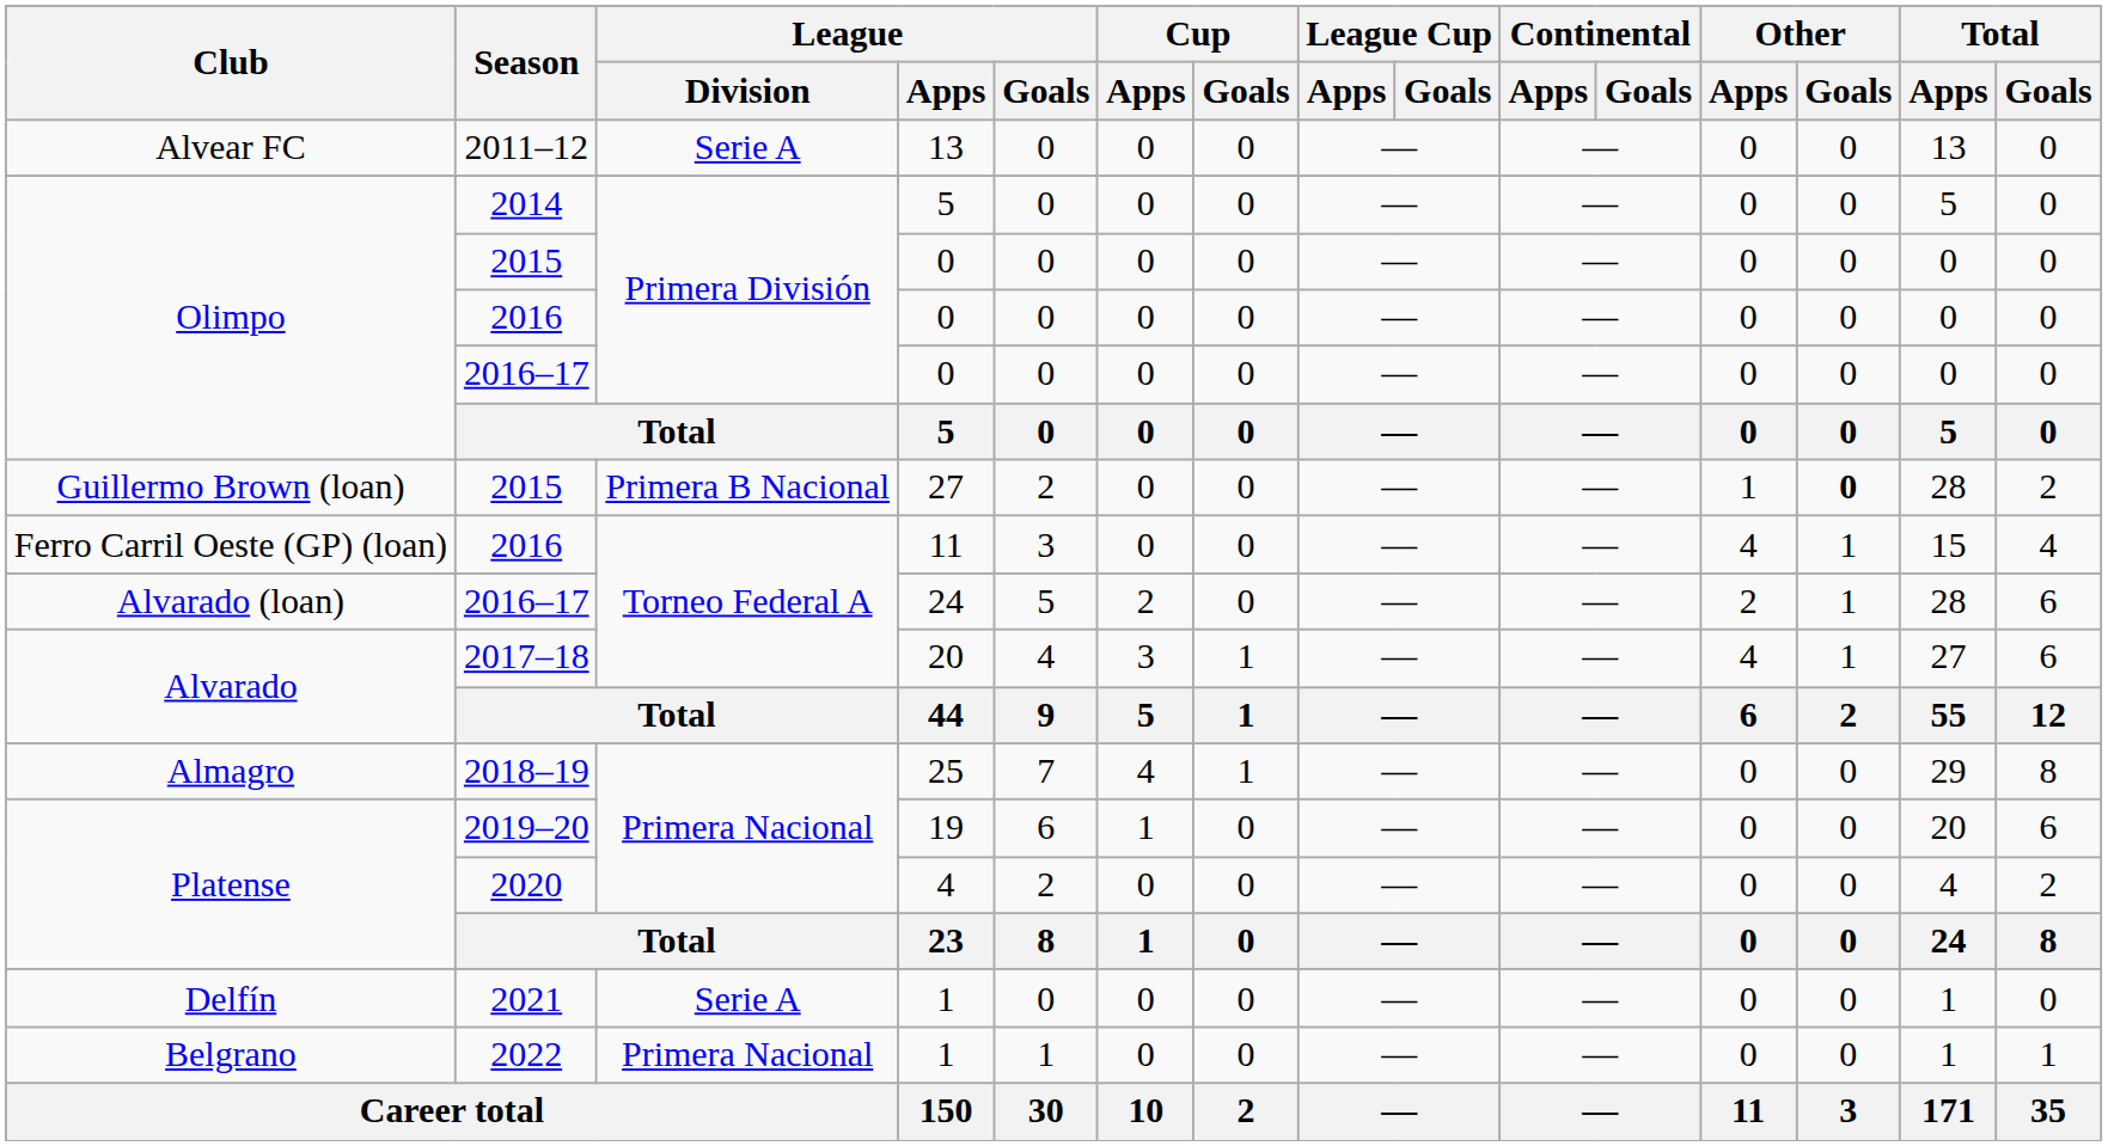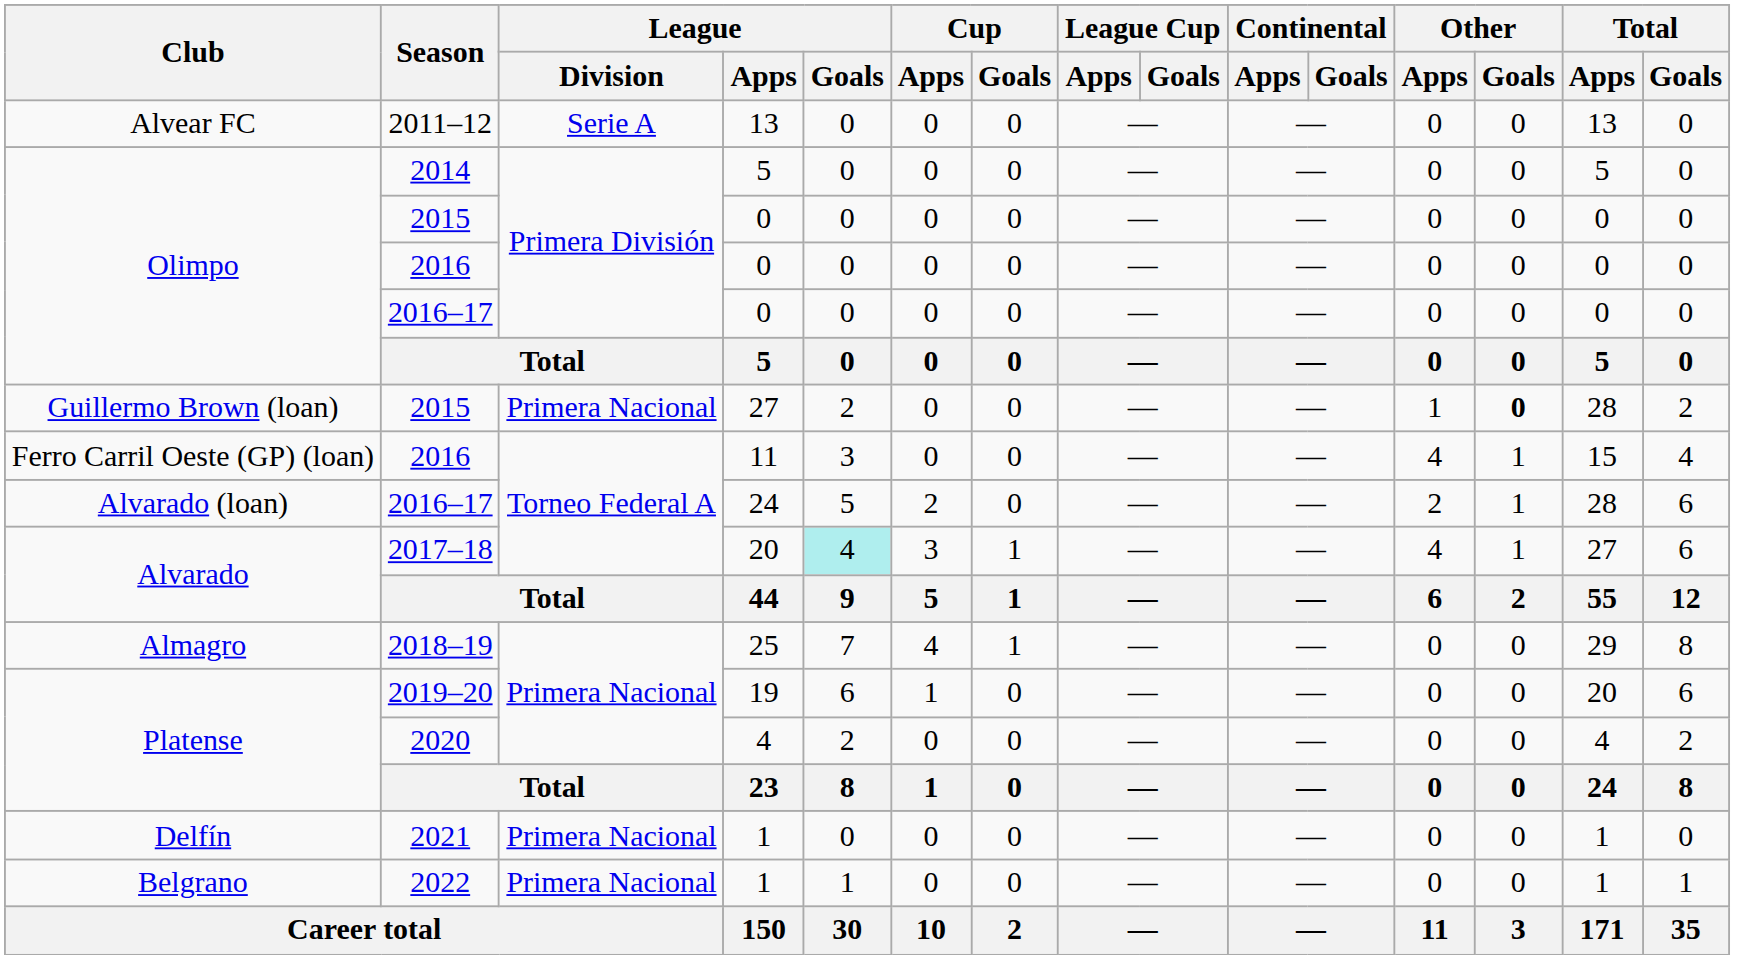 <table class="wikitable" style="text-align:center">
 <tr>
 <th rowspan="2">Club</th>
 <th rowspan="2">Season</th>
 <th colspan="3">League</th>
 <th colspan="2">Cup</th>
 <th colspan="2">League Cup</th>
 <th colspan="2">Continental</th>
 <th colspan="2">Other</th>
 <th colspan="2">Total</th>
 </tr>
 <tr>
 <th>Division</th>
 <th>Apps</th>
 <th>Goals</th>
 <th>Apps</th>
 <th>Goals</th>
 <th>Apps</th>
 <th>Goals</th>
 <th>Apps</th>
 <th>Goals</th>
 <th>Apps</th>
 <th>Goals</th>
 <th>Apps</th>
 <th>Goals</th>
 </tr>
 <tr>
 <td rowspan="1">Alvear FC</td>
 <td>2011–12</td>
 <td rowspan="1"><a href='#'>Serie A</a></td>
 <td>13</td>
 <td>0</td>
 <td>0</td>
 <td>0</td>
 <td colspan="2">—</td>
 <td colspan="2">—</td>
 <td>0</td>
 <td>0</td>
 <td>13</td>
 <td>0</td>
 </tr>
 <tr>
 <td rowspan="5"><a href='#'>Olimpo</a></td>
 <td><a href='#'>2014</a></td>
 <td rowspan="4"><a href='#'>Primera División</a></td>
 <td>5</td>
 <td>0</td>
 <td>0</td>
 <td>0</td>
 <td colspan="2">—</td>
 <td colspan="2">—</td>
 <td>0</td>
 <td>0</td>
 <td>5</td>
 <td>0</td>
 </tr>
 <tr>
 <td><a href='#'>2015</a></td>
 <td>0</td>
 <td>0</td>
 <td>0</td>
 <td>0</td>
 <td colspan="2">—</td>
 <td colspan="2">—</td>
 <td>0</td>
 <td>0</td>
 <td>0</td>
 <td>0</td>
 </tr>
 <tr>
 <td><a href='#'>2016</a></td>
 <td>0</td>
 <td>0</td>
 <td>0</td>
 <td>0</td>
 <td colspan="2">—</td>
 <td colspan="2">—</td>
 <td>0</td>
 <td>0</td>
 <td>0</td>
 <td>0</td>
 </tr>
 <tr>
 <td><a href='#'>2016–17</a></td>
 <td>0</td>
 <td>0</td>
 <td>0</td>
 <td>0</td>
 <td colspan="2">—</td>
 <td colspan="2">—</td>
 <td>0</td>
 <td>0</td>
 <td>0</td>
 <td>0</td>
 </tr>
 <tr>
 <th colspan="2">Total</th>
 <th>5</th>
 <th>0</th>
 <th>0</th>
 <th>0</th>
 <th colspan="2">—</th>
 <th colspan="2">—</th>
 <th>0</th>
 <th>0</th>
 <th>5</th>
 <th>0</th>
 </tr>
 <tr>
 <td rowspan="1"><a href='#'>Guillermo Brown</a> (loan)</td>
 <td><a href='#'>2015</a></td>
-<td rowspan="1"><a href='#'>Primera B Nacional</a></td>
+<td><a href='#'>Primera Nacional</a></td>
 <td>27</td>
 <td>2</td>
 <td>0</td>
 <td>0</td>
 <td colspan="2">—</td>
 <td colspan="2">—</td>
 <td>1</td>
 <td><strong>0</strong></td>
 <td>28</td>
 <td>2</td>
 </tr>
 <tr>
 <td rowspan="1">Ferro Carril Oeste (GP) (loan)</td>
 <td><a href='#'>2016</a></td>
 <td rowspan="3"><a href='#'>Torneo Federal A</a></td>
 <td>11</td>
 <td>3</td>
 <td>0</td>
 <td>0</td>
 <td colspan="2">—</td>
 <td colspan="2">—</td>
 <td>4</td>
 <td>1</td>
 <td>15</td>
 <td>4</td>
 </tr>
 <tr>
 <td rowspan="1"><a href='#'>Alvarado</a> (loan)</td>
 <td><a href='#'>2016–17</a></td>
 <td>24</td>
 <td>5</td>
 <td>2</td>
 <td>0</td>
 <td colspan="2">—</td>
 <td colspan="2">—</td>
 <td>2</td>
 <td>1</td>
 <td>28</td>
 <td>6</td>
 </tr>
 <tr>
 <td rowspan="2"><a href='#'>Alvarado</a></td>
 <td><a href='#'>2017–18</a></td>
 <td>20</td>
-<td>4</td>
+<td style="background: paleturquoise;">4</td>
 <td>3</td>
 <td>1</td>
 <td colspan="2">—</td>
 <td colspan="2">—</td>
 <td>4</td>
 <td>1</td>
 <td>27</td>
 <td>6</td>
 </tr>
 <tr>
 <th colspan="2">Total</th>
 <th>44</th>
 <th>9</th>
 <th>5</th>
 <th>1</th>
 <th colspan="2">—</th>
 <th colspan="2">—</th>
 <th>6</th>
 <th>2</th>
 <th>55</th>
 <th>12</th>
 </tr>
 <tr>
 <td rowspan="1"><a href='#'>Almagro</a></td>
 <td><a href='#'>2018–19</a></td>
 <td rowspan="3"><a href='#'>Primera Nacional</a></td>
 <td>25</td>
 <td>7</td>
 <td>4</td>
 <td>1</td>
 <td colspan="2">—</td>
 <td colspan="2">—</td>
 <td>0</td>
 <td>0</td>
 <td>29</td>
 <td>8</td>
 </tr>
 <tr>
 <td rowspan="3"><a href='#'>Platense</a></td>
 <td><a href='#'>2019–20</a></td>
 <td>19</td>
 <td>6</td>
 <td>1</td>
 <td>0</td>
 <td colspan="2">—</td>
 <td colspan="2">—</td>
 <td>0</td>
 <td>0</td>
 <td>20</td>
 <td>6</td>
 </tr>
 <tr>
 <td><a href='#'>2020</a></td>
 <td>4</td>
 <td>2</td>
 <td>0</td>
 <td>0</td>
 <td colspan="2">—</td>
 <td colspan="2">—</td>
 <td>0</td>
 <td>0</td>
 <td>4</td>
 <td>2</td>
 </tr>
 <tr>
 <th colspan="2">Total</th>
 <th>23</th>
 <th>8</th>
 <th>1</th>
 <th>0</th>
 <th colspan="2">—</th>
 <th colspan="2">—</th>
 <th>0</th>
 <th>0</th>
 <th>24</th>
 <th>8</th>
 </tr>
 <tr>
 <td rowspan="1"><a href='#'>Delfín</a></td>
 <td><a href='#'>2021</a></td>
-<td rowspan="1"><a href='#'>Serie A</a></td>
+<td><a href='#'>Primera Nacional</a></td>
 <td>1</td>
 <td>0</td>
 <td>0</td>
 <td>0</td>
 <td colspan="2">—</td>
 <td colspan="2">—</td>
 <td>0</td>
 <td>0</td>
 <td>1</td>
 <td>0</td>
 </tr>
 <tr>
 <td><a href='#'>Belgrano</a></td>
 <td><a href='#'>2022</a></td>
 <td><a href='#'>Primera Nacional</a></td>
 <td>1</td>
 <td>1</td>
 <td>0</td>
 <td>0</td>
 <td colspan="2">—</td>
 <td colspan="2">—</td>
 <td>0</td>
 <td>0</td>
 <td>1</td>
 <td>1</td>
 </tr>
 <tr>
 <th colspan="3">Career total</th>
 <th>150</th>
 <th>30</th>
 <th>10</th>
 <th>2</th>
 <th colspan="2">—</th>
 <th colspan="2">—</th>
 <th>11</th>
 <th>3</th>
 <th>171</th>
 <th>35</th>
 </tr>
 </table>
